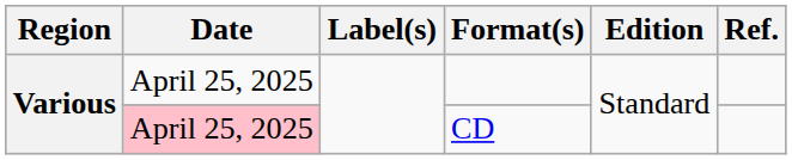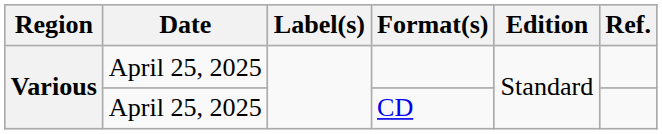 <table class="wikitable plainrowheaders">
 <tr>
 <th scope="col">Region</th>
 <th scope="col">Date</th>
 <th scope="col">Label(s)</th>
 <th scope="col">Format(s)</th>
 <th scope="col">Edition</th>
 <th scope="col">Ref.</th>
 </tr>
 <tr>
 <th rowspan="3" scope="row">Various</th>
 <td>April 25, 2025</td>
 <td rowspan="3"></td>
 <td></td>
 <td rowspan="3">Standard</td>
 <td></td>
 </tr>
 <tr>
-<td style="background: pink;">April 25, 2025</td>
+<td>April 25, 2025</td>
 <td><a href='#'>CD</a></td>
 <td></td>
 </tr>
 </table>
